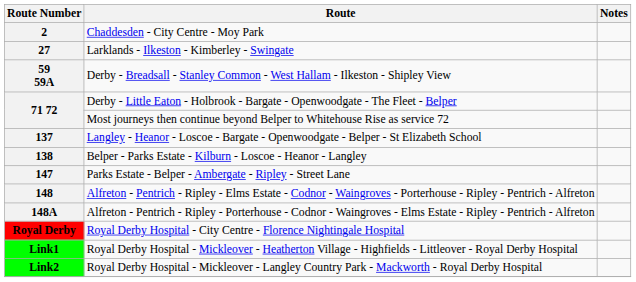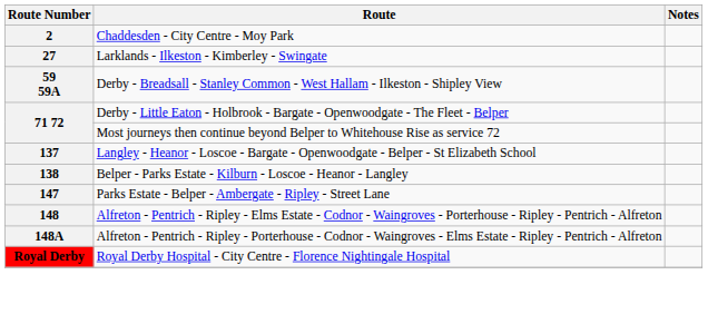 <table class="wikitable sortable">
 <tr>
 <th>Route Number</th>
 <th>Route</th>
 <th>Notes</th>
 </tr>
 <tr>
 <th>2</th>
 <td><a href='#'>Chaddesden</a> - City Centre - Moy Park</td>
 <td></td>
 </tr>
 <tr>
 <th>27</th>
 <td>Larklands - <a href='#'>Ilkeston</a> - Kimberley - <a href='#'>Swingate</a></td>
 <td></td>
 </tr>
 <tr>
 <th>59 <br> 59A</th>
 <td>Derby - <a href='#'>Breadsall</a> - <a href='#'>Stanley Common</a> - <a href='#'>West Hallam</a>  - Ilkeston - Shipley View</td>
 <td></td>
 </tr>
 <tr>
 <th rowspan=2>71 72</th>
 <td>Derby - <a href='#'>Little Eaton</a> - Holbrook - Bargate - Openwoodgate - The Fleet - <a href='#'>Belper</a></td>
 <td></td>
 </tr>
 <tr>
 <td>Most journeys then continue beyond Belper to Whitehouse Rise as service 72</td>
 <td></td>
 </tr>
 <tr>
 <th>137</th>
 <td><a href='#'>Langley</a> - <a href='#'>Heanor</a> - Loscoe - Bargate - Openwoodgate - Belper - St Elizabeth School</td>
 <td></td>
 </tr>
 <tr>
 <th>138</th>
 <td>Belper - Parks Estate - <a href='#'>Kilburn</a> - Loscoe - Heanor - Langley</td>
 <td></td>
 </tr>
 <tr>
 <th>147</th>
 <td>Parks Estate - Belper - <a href='#'>Ambergate</a> - <a href='#'>Ripley</a> - Street Lane</td>
 <td></td>
 </tr>
 <tr>
 <th>148</th>
 <td><a href='#'>Alfreton</a> - <a href='#'>Pentrich</a> - Ripley - Elms Estate - <a href='#'>Codnor</a> - <a href='#'>Waingroves</a> - Porterhouse - Ripley - Pentrich - Alfreton</td>
 <td></td>
 </tr>
 <tr>
 <th>148A</th>
 <td>Alfreton - Pentrich - Ripley - Porterhouse - Codnor - Waingroves - Elms Estate - Ripley - Pentrich - Alfreton</td>
 <td></td>
 </tr>
 <tr>
 <th style="background:red">Royal Derby</th>
 <td><a href='#'>Royal Derby Hospital</a> - City Centre - <a href='#'>Florence Nightingale Hospital</a></td>
 <td></td>
 </tr>
 <tr>
-<th style="background:lime">Link1</th>
-<td>Royal Derby Hospital - <a href='#'>Mickleover</a> - <a href='#'>Heatherton</a> Village - Highfields - Littleover - Royal Derby Hospital</td>
-<td></td>
-</tr>
-<tr>
-<th style="background:lime">Link2</th>
-<td>Royal Derby Hospital - Mickleover - Langley Country Park - <a href='#'>Mackworth</a> - Royal Derby Hospital</td>
-<td></td>
-</tr>
-<tr>
 </tr>
 </table>
